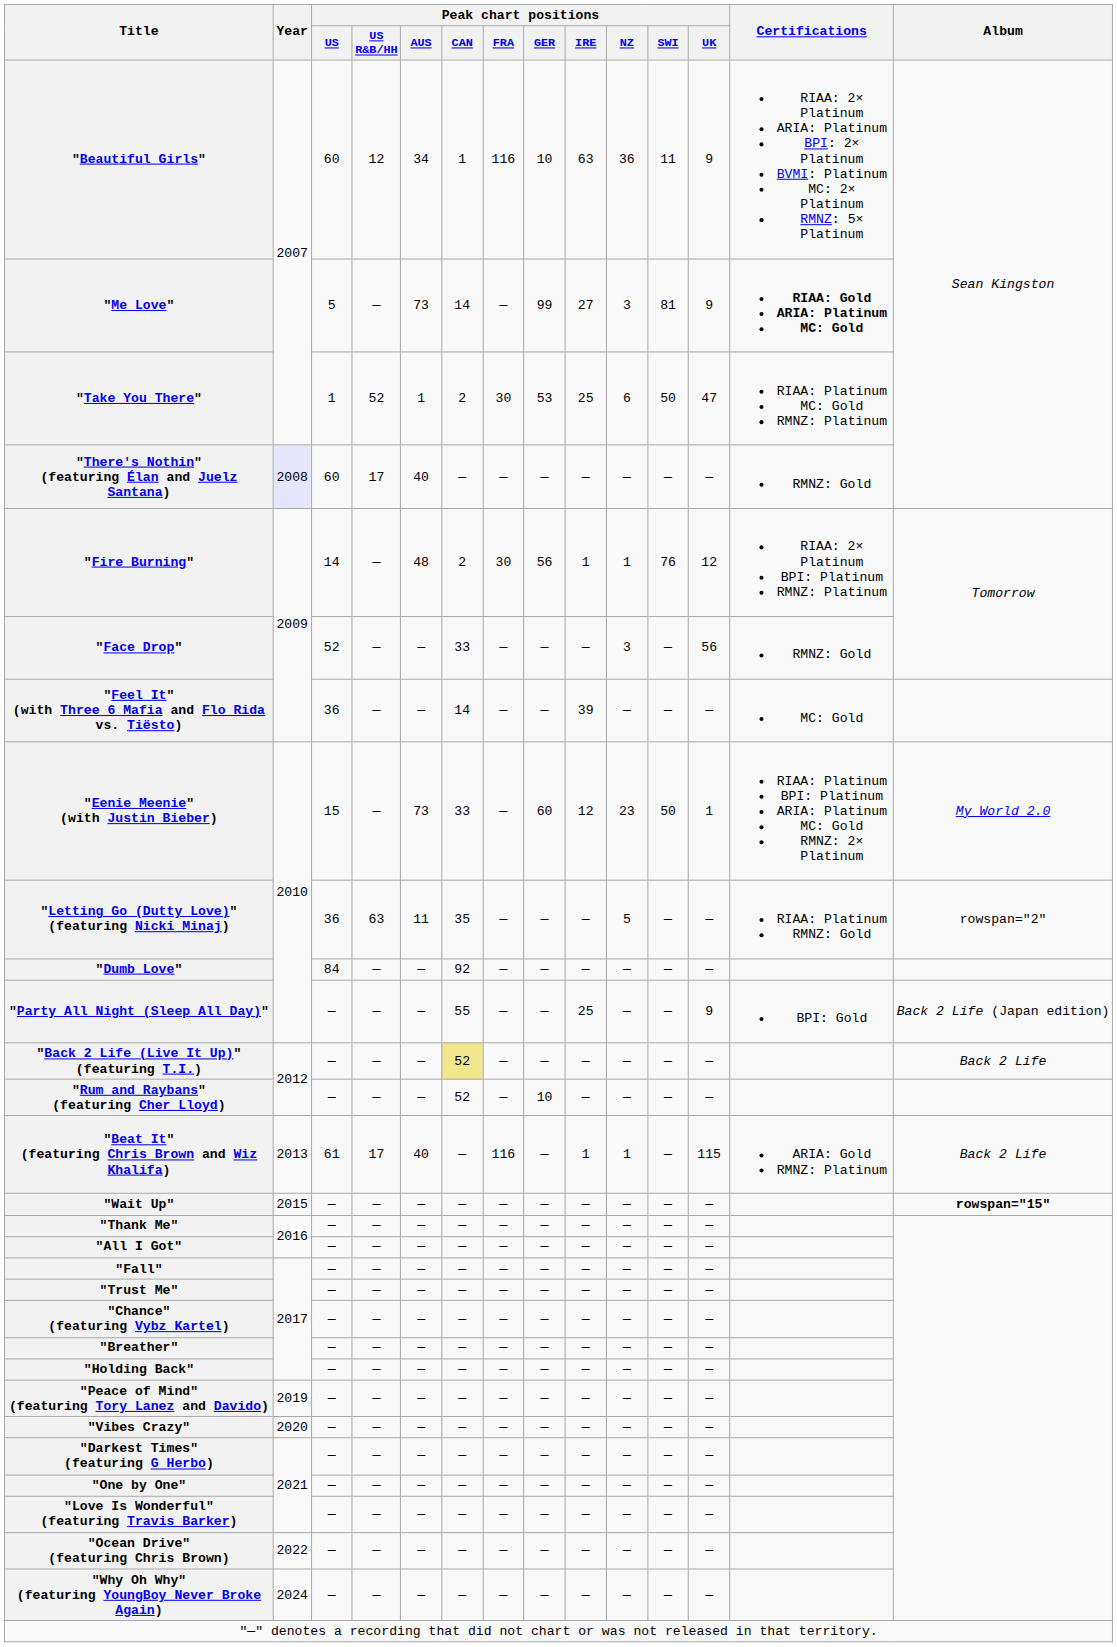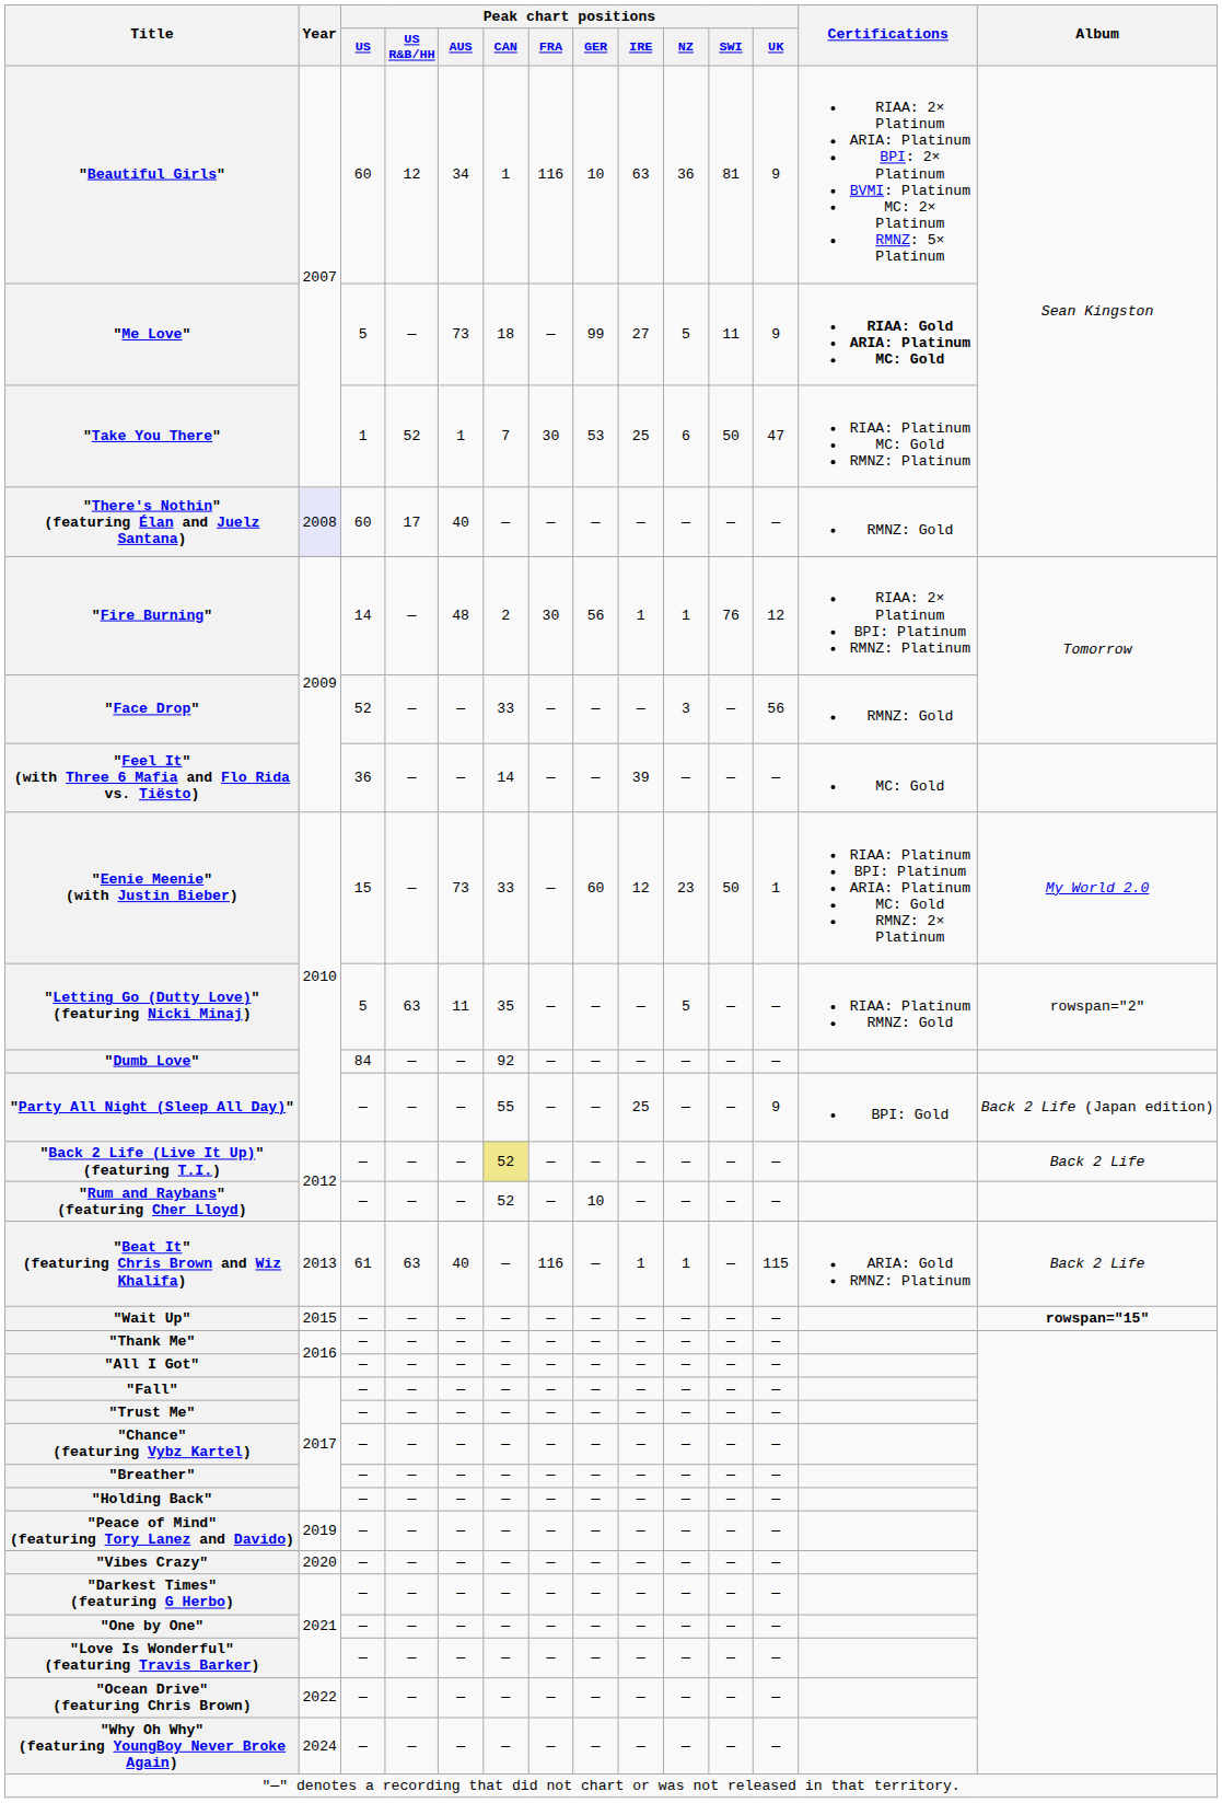 <table class="wikitable plainrowheaders" style="text-align:center;" border="1">
 <tr>
 <th scope="col" rowspan="2" style="width:20em;">Title</th>
 <th scope="col" rowspan="2">Year</th>
 <th scope="col" colspan="10">Peak chart positions</th>
 <th scope="col" rowspan="2" style="width:12em;"><a href='#'>Certifications</a></th>
 <th scope="col" rowspan="2">Album</th>
 </tr>
 <tr>
 <th scope="col" style="width:3em;font-size:90%;"><a href='#'>US</a><br></th>
 <th scope="col" style="width:3em;font-size:90%;"><a href='#'>US R&B/HH</a><br></th>
 <th scope="col" style="width:3em;font-size:90%;"><a href='#'>AUS</a><br></th>
 <th scope="col" style="width:3em;font-size:90%;"><a href='#'>CAN</a><br></th>
 <th scope="col" style="width:3em;font-size:90%;"><a href='#'>FRA</a><br></th>
 <th scope="col" style="width:3em;font-size:90%;"><a href='#'>GER</a><br></th>
 <th scope="col" style="width:3em;font-size:90%;"><a href='#'>IRE</a><br></th>
 <th scope="col" style="width:3em;font-size:90%;"><a href='#'>NZ</a><br></th>
 <th scope="col" style="width:3em;font-size:90%;"><a href='#'>SWI</a><br></th>
 <th scope="col" style="width:3em;font-size:90%;"><a href='#'>UK</a><br></th>
 </tr>
 <tr>
 <th scope="row">"<a href='#'>Beautiful Girls</a>"</th>
 <td rowspan="3">2007</td>
 <td>60</td>
 <td>12</td>
 <td>34</td>
 <td>1</td>
 <td>116</td>
 <td>10</td>
 <td>63</td>
 <td>36</td>
-<td>11</td>
+<td>81</td>
 <td>9</td>
 <td><br><ul><li>RIAA: 2× Platinum</li><li>ARIA: Platinum</li><li><a href='#'>BPI</a>: 2× Platinum</li><li><a href='#'>BVMI</a>: Platinum</li><li>MC: 2× Platinum</li><li><a href='#'>RMNZ</a>: 5× Platinum</li></ul></td>
 <td rowspan="4"><em>Sean Kingston</em></td>
 </tr>
 <tr>
 <th scope="row">"<a href='#'>Me Love</a>"</th>
 <td>5</td>
 <td>—</td>
 <td>73</td>
-<td>14</td>
+<td>18</td>
 <td>—</td>
 <td>99</td>
 <td>27</td>
-<td>3</td>
-<td>81</td>
+<td>5</td>
+<td>11</td>
 <td>9</td>
 <td><strong><br><ul><li>RIAA: Gold</li><li>ARIA: Platinum</li><li>MC: Gold</li></ul></strong></td>
 </tr>
 <tr>
 <th scope="row">"<a href='#'>Take You There</a>"</th>
 <td>1</td>
 <td>52</td>
 <td>1</td>
-<td>2</td>
+<td>7</td>
 <td>30</td>
 <td>53</td>
 <td>25</td>
 <td>6</td>
 <td>50</td>
 <td>47</td>
 <td><br><ul><li>RIAA: Platinum</li><li>MC: Gold</li><li>RMNZ: Platinum</li></ul></td>
 </tr>
 <tr>
 <th scope="row">"<a href='#'>There's Nothin</a>"<br><span>(featuring <a href='#'>Élan</a> and <a href='#'>Juelz Santana</a>)</span></th>
 <td style="background: lavender;">2008</td>
 <td>60</td>
 <td>17</td>
 <td>40</td>
 <td>—</td>
 <td>—</td>
 <td>—</td>
 <td>—</td>
 <td>—</td>
 <td>—</td>
 <td>—</td>
 <td><br><ul><li>RMNZ: Gold</li></ul></td>
 </tr>
 <tr>
 <th scope="row">"<a href='#'>Fire Burning</a>"</th>
 <td rowspan="3">2009</td>
 <td>14</td>
 <td>—</td>
 <td>48</td>
 <td>2</td>
 <td>30</td>
 <td>56</td>
 <td>1</td>
 <td>1</td>
 <td>76</td>
 <td>12</td>
 <td><br><ul><li>RIAA: 2× Platinum</li><li>BPI: Platinum</li><li>RMNZ: Platinum</li></ul></td>
 <td rowspan="2"><em>Tomorrow</em></td>
 </tr>
 <tr>
 <th scope="row">"<a href='#'>Face Drop</a>"</th>
 <td>52</td>
 <td>—</td>
 <td>—</td>
 <td>33</td>
 <td>—</td>
 <td>—</td>
 <td>—</td>
 <td>3</td>
 <td>—</td>
 <td>56</td>
 <td><br><ul><li>RMNZ: Gold</li></ul></td>
 </tr>
 <tr>
 <th scope="row">"<a href='#'>Feel It</a>"<br><span>(with <a href='#'>Three 6 Mafia</a> and <a href='#'>Flo Rida</a> vs. <a href='#'>Tiësto</a>)</span></th>
 <td>36</td>
 <td>—</td>
 <td>—</td>
 <td>14</td>
 <td>—</td>
 <td>—</td>
 <td>39</td>
 <td>—</td>
 <td>—</td>
 <td>—</td>
 <td><br><ul><li>MC: Gold</li></ul></td>
 <td></td>
 </tr>
 <tr>
 <th scope="row">"<a href='#'>Eenie Meenie</a>"<br><span>(with <a href='#'>Justin Bieber</a>)</span></th>
 <td rowspan="4">2010</td>
 <td>15</td>
 <td>—</td>
 <td>73</td>
 <td>33</td>
 <td>—</td>
 <td>60</td>
 <td>12</td>
 <td>23</td>
 <td>50</td>
 <td>1</td>
 <td><br><ul><li>RIAA: Platinum</li><li>BPI: Platinum</li><li>ARIA: Platinum</li><li>MC: Gold</li><li>RMNZ: 2× Platinum</li></ul></td>
 <td><em><a href='#'>My World 2.0</a></em></td>
 </tr>
 <tr>
 <th scope="row">"<a href='#'>Letting Go (Dutty Love)</a>"<br><span>(featuring <a href='#'>Nicki Minaj</a>)</span></th>
-<td>36</td>
+<td>5</td>
 <td>63</td>
 <td>11</td>
 <td>35</td>
 <td>—</td>
 <td>—</td>
 <td>—</td>
 <td>5</td>
 <td>—</td>
 <td>—</td>
 <td><br><ul><li>RIAA: Platinum</li><li>RMNZ: Gold</li></ul></td>
 <td>rowspan="2" </td>
 </tr>
 <tr>
 <th scope="row">"<a href='#'>Dumb Love</a>"</th>
 <td>84</td>
 <td>—</td>
 <td>—</td>
 <td>92</td>
 <td>—</td>
 <td>—</td>
 <td>—</td>
 <td>—</td>
 <td>—</td>
 <td>—</td>
 <td></td>
 </tr>
 <tr>
 <th scope="row">"<a href='#'>Party All Night (Sleep All Day)</a>"</th>
 <td>—</td>
 <td>—</td>
 <td>—</td>
 <td>55</td>
 <td>—</td>
 <td>—</td>
 <td>25</td>
 <td>—</td>
 <td>—</td>
 <td>9</td>
 <td><br><ul><li>BPI: Gold</li></ul></td>
 <td><em>Back 2 Life</em> (Japan edition)</td>
 </tr>
 <tr>
 <th scope="row">"<a href='#'>Back 2 Life (Live It Up)</a>"<br><span>(featuring <a href='#'>T.I.</a>)</span></th>
 <td rowspan="2">2012</td>
 <td>—</td>
 <td>—</td>
 <td>—</td>
 <td style="background: khaki;">52</td>
 <td>—</td>
 <td>—</td>
 <td>—</td>
 <td>—</td>
 <td>—</td>
 <td>—</td>
 <td></td>
 <td><em>Back 2 Life</em></td>
 </tr>
 <tr>
 <th scope="row">"<a href='#'>Rum and Raybans</a>"<br><span>(featuring <a href='#'>Cher Lloyd</a>)</span></th>
 <td>—</td>
 <td>—</td>
 <td>—</td>
 <td>52</td>
 <td>—</td>
 <td>10</td>
 <td>—</td>
 <td>—</td>
 <td>—</td>
 <td>—</td>
 <td></td>
 <td></td>
 </tr>
 <tr>
 <th scope="row">"<a href='#'>Beat It</a>"<br><span>(featuring <a href='#'>Chris Brown</a> and <a href='#'>Wiz Khalifa</a>)</span></th>
 <td>2013</td>
 <td>61</td>
-<td>17</td>
+<td>63</td>
 <td>40</td>
 <td>—</td>
 <td>116</td>
 <td>—</td>
 <td>1</td>
 <td>1</td>
 <td>—</td>
 <td>115</td>
 <td><br><ul><li>ARIA: Gold</li><li>RMNZ: Platinum</li></ul></td>
 <td><em>Back 2 Life</em></td>
 </tr>
 <tr>
 <th scope="row">"Wait Up"</th>
 <td rowspan="1">2015</td>
 <td>—</td>
 <td>—</td>
 <td>—</td>
 <td>—</td>
 <td>—</td>
 <td>—</td>
 <td>—</td>
 <td>—</td>
 <td>—</td>
 <td>—</td>
 <td></td>
 <td><strong>rowspan="15" </strong></td>
 </tr>
 <tr>
 <th scope="row">"Thank Me"</th>
 <td rowspan="2">2016</td>
 <td>—</td>
 <td>—</td>
 <td>—</td>
 <td>—</td>
 <td>—</td>
 <td>—</td>
 <td>—</td>
 <td>—</td>
 <td>—</td>
 <td>—</td>
 <td></td>
 </tr>
 <tr>
 <th scope="row">"All I Got"</th>
 <td>—</td>
 <td>—</td>
 <td>—</td>
 <td>—</td>
 <td>—</td>
 <td>—</td>
 <td>—</td>
 <td>—</td>
 <td>—</td>
 <td>—</td>
 <td></td>
 </tr>
 <tr>
 <th scope="row">"Fall"</th>
 <td rowspan="5">2017</td>
 <td>—</td>
 <td>—</td>
 <td>—</td>
 <td>—</td>
 <td>—</td>
 <td>—</td>
 <td>—</td>
 <td>—</td>
 <td>—</td>
 <td>—</td>
 <td></td>
 </tr>
 <tr>
 <th scope="row">"Trust Me"</th>
 <td>—</td>
 <td>—</td>
 <td>—</td>
 <td>—</td>
 <td>—</td>
 <td>—</td>
 <td>—</td>
 <td>—</td>
 <td>—</td>
 <td>—</td>
 <td></td>
 </tr>
 <tr>
 <th scope="row">"Chance"<br><span>(featuring <a href='#'>Vybz Kartel</a>)</span></th>
 <td>—</td>
 <td>—</td>
 <td>—</td>
 <td>—</td>
 <td>—</td>
 <td>—</td>
 <td>—</td>
 <td>—</td>
 <td>—</td>
 <td>—</td>
 <td></td>
 </tr>
 <tr>
 <th scope="row">"Breather"</th>
 <td>—</td>
 <td>—</td>
 <td>—</td>
 <td>—</td>
 <td>—</td>
 <td>—</td>
 <td>—</td>
 <td>—</td>
 <td>—</td>
 <td>—</td>
 <td></td>
 </tr>
 <tr>
 <th scope="row">"Holding Back"</th>
 <td>—</td>
 <td>—</td>
 <td>—</td>
 <td>—</td>
 <td>—</td>
 <td>—</td>
 <td>—</td>
 <td>—</td>
 <td>—</td>
 <td>—</td>
 <td></td>
 </tr>
 <tr>
 <th scope="row">"Peace of Mind"<br><span>(featuring <a href='#'>Tory Lanez</a> and <a href='#'>Davido</a>)</span></th>
 <td>2019</td>
 <td>—</td>
 <td>—</td>
 <td>—</td>
 <td>—</td>
 <td>—</td>
 <td>—</td>
 <td>—</td>
 <td>—</td>
 <td>—</td>
 <td>—</td>
 <td></td>
 </tr>
 <tr>
 <th scope="row">"Vibes Crazy"</th>
 <td>2020</td>
 <td>—</td>
 <td>—</td>
 <td>—</td>
 <td>—</td>
 <td>—</td>
 <td>—</td>
 <td>—</td>
 <td>—</td>
 <td>—</td>
 <td>—</td>
 <td></td>
 </tr>
 <tr>
 <th scope="row">"Darkest Times"<br><span>(featuring <a href='#'>G Herbo</a>)</span></th>
 <td rowspan="3">2021</td>
 <td>—</td>
 <td>—</td>
 <td>—</td>
 <td>—</td>
 <td>—</td>
 <td>—</td>
 <td>—</td>
 <td>—</td>
 <td>—</td>
 <td>—</td>
 <td></td>
 </tr>
 <tr>
 <th scope="row">"One by One"</th>
 <td>—</td>
 <td>—</td>
 <td>—</td>
 <td>—</td>
 <td>—</td>
 <td>—</td>
 <td>—</td>
 <td>—</td>
 <td>—</td>
 <td>—</td>
 <td></td>
 </tr>
 <tr>
 <th scope="row">"Love Is Wonderful"<br><span>(featuring <a href='#'>Travis Barker</a>)</span></th>
 <td>—</td>
 <td>—</td>
 <td>—</td>
 <td>—</td>
 <td>—</td>
 <td>—</td>
 <td>—</td>
 <td>—</td>
 <td>—</td>
 <td>—</td>
 <td></td>
 </tr>
 <tr>
 <th scope="row">"Ocean Drive"<br><span>(featuring Chris Brown)</span></th>
 <td>2022</td>
 <td>—</td>
 <td>—</td>
 <td>—</td>
 <td>—</td>
 <td>—</td>
 <td>—</td>
 <td>—</td>
 <td>—</td>
 <td>—</td>
 <td>—</td>
 <td></td>
 </tr>
 <tr>
 <th scope="row">"Why Oh Why"<br><span>(featuring <a href='#'>YoungBoy Never Broke Again</a>)</span></th>
 <td>2024</td>
 <td>—</td>
 <td>—</td>
 <td>—</td>
 <td>—</td>
 <td>—</td>
 <td>—</td>
 <td>—</td>
 <td>—</td>
 <td>—</td>
 <td>—</td>
 <td></td>
 </tr>
 <tr>
 <td colspan="14">"—" denotes a recording that did not chart or was not released in that territory.</td>
 </tr>
 </table>
